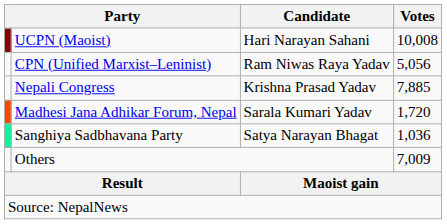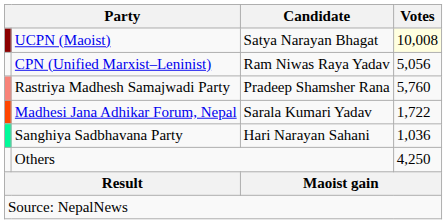 <table class="wikitable">
 <tr>
 <th colspan="2">Party</th>
 <th>Candidate</th>
 <th>Votes</th>
 </tr>
 <tr>
 <td style="background-color:darkred"></td>
 <td><a href='#'>UCPN (Maoist)</a></td>
-<td>Hari Narayan Sahani</td>
-<td>10,008</td>
+<td>Satya Narayan Bhagat</td>
+<td style="background: lightyellow;">10,008</td>
 </tr>
 <tr>
 <td style="background-color:"></td>
 <td><a href='#'>CPN (Unified Marxist–Leninist)</a></td>
 <td>Ram Niwas Raya Yadav</td>
 <td>5,056</td>
 </tr>
 <tr>
-<td style="background-color:"></td>
-<td><a href='#'>Nepali Congress</a></td>
-<td>Krishna Prasad Yadav</td>
-<td>7,885</td>
+<td style="background-color:#F88379"></td>
+<td>Rastriya Madhesh Samajwadi Party</td>
+<td>Pradeep Shamsher Rana</td>
+<td>5,760</td>
 </tr>
 <tr>
 <td style="background-color:orangered"></td>
 <td><a href='#'>Madhesi Jana Adhikar Forum, Nepal</a></td>
 <td>Sarala Kumari Yadav</td>
-<td>1,720</td>
+<td>1,722</td>
 </tr>
 <tr>
 <td style="background-color:mediumspringgreen"></td>
 <td>Sanghiya Sadbhavana Party</td>
-<td>Satya Narayan Bhagat</td>
+<td>Hari Narayan Sahani</td>
 <td>1,036</td>
 </tr>
 <tr>
 <td></td>
 <td colspan="2">Others</td>
-<td>7,009</td>
+<td>4,250</td>
 </tr>
 <tr>
 <th colspan="2">Result</th>
 <th colspan="2">Maoist gain</th>
 </tr>
 <tr>
 <td colspan="4">Source: NepalNews</td>
 </tr>
 </table>
